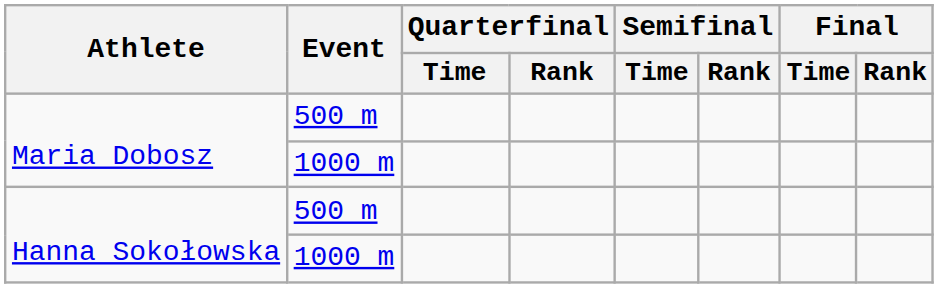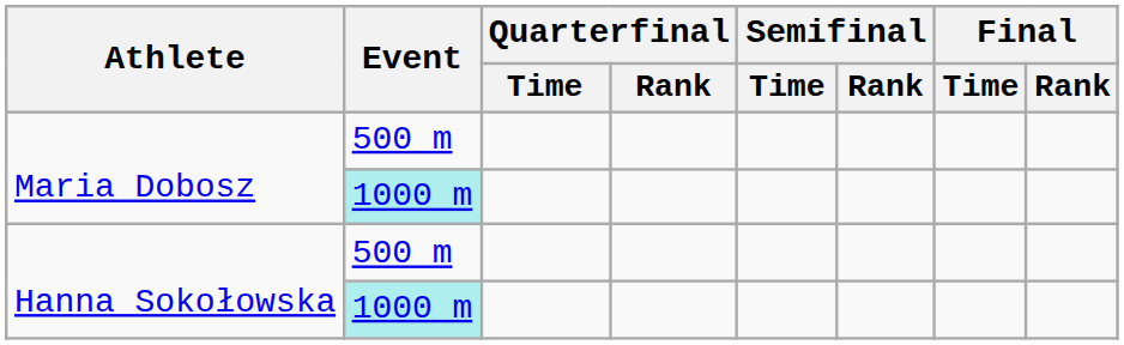 <table class="wikitable" style="font-size:90%">
 <tr>
 <th rowspan=2>Athlete</th>
 <th rowspan=2>Event</th>
 <th colspan=2>Quarterfinal</th>
 <th colspan=2>Semifinal</th>
 <th colspan=2>Final</th>
 </tr>
 <tr style="font-size:95%">
 <th>Time</th>
 <th>Rank</th>
 <th>Time</th>
 <th>Rank</th>
 <th>Time</th>
 <th>Rank</th>
 </tr>
 <tr align=center>
 <td align=left rowspan=2><br><a href='#'>Maria Dobosz</a></td>
 <td align=left><a href='#'>500 m</a></td>
 <td></td>
 <td></td>
 <td></td>
 <td></td>
 <td></td>
 <td></td>
 </tr>
 <tr align=center>
-<td align=left><a href='#'>1000 m</a></td>
+<td align=left style="background: paleturquoise;"><a href='#'>1000 m</a></td>
 <td></td>
 <td></td>
 <td></td>
 <td></td>
 <td></td>
 <td></td>
 </tr>
 <tr align=center>
 <td align=left rowspan=2><br><a href='#'>Hanna Sokołowska</a></td>
 <td align=left><a href='#'>500 m</a></td>
 <td></td>
 <td></td>
 <td></td>
 <td></td>
 <td></td>
 <td></td>
 </tr>
 <tr align=center>
-<td align=left><a href='#'>1000 m</a></td>
+<td align=left style="background: paleturquoise;"><a href='#'>1000 m</a></td>
 <td></td>
 <td></td>
 <td></td>
 <td></td>
 <td></td>
 <td></td>
 </tr>
 </table>
